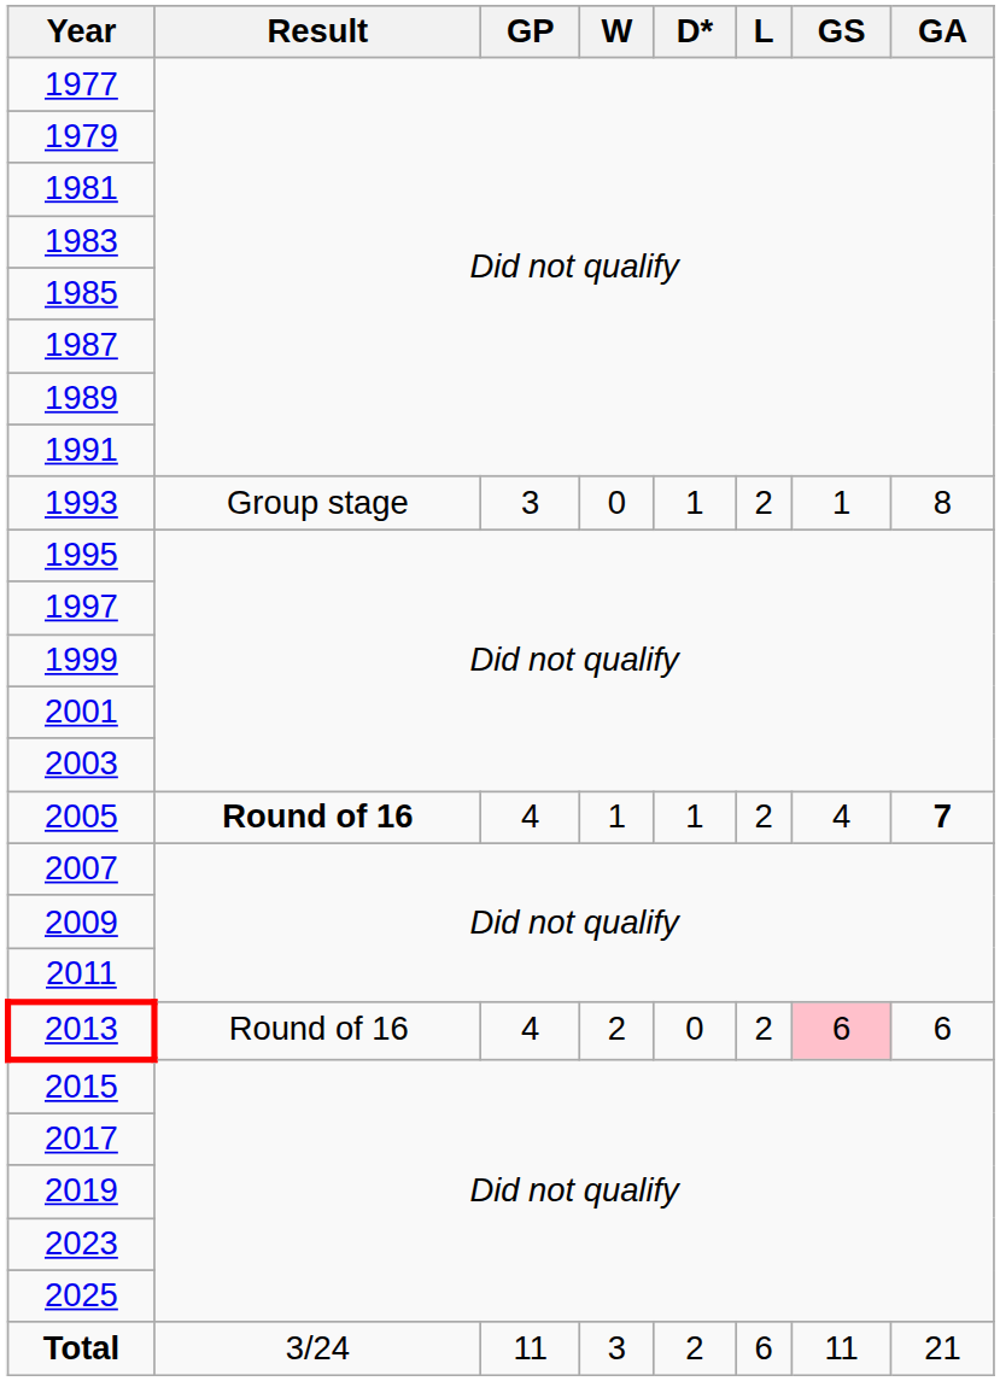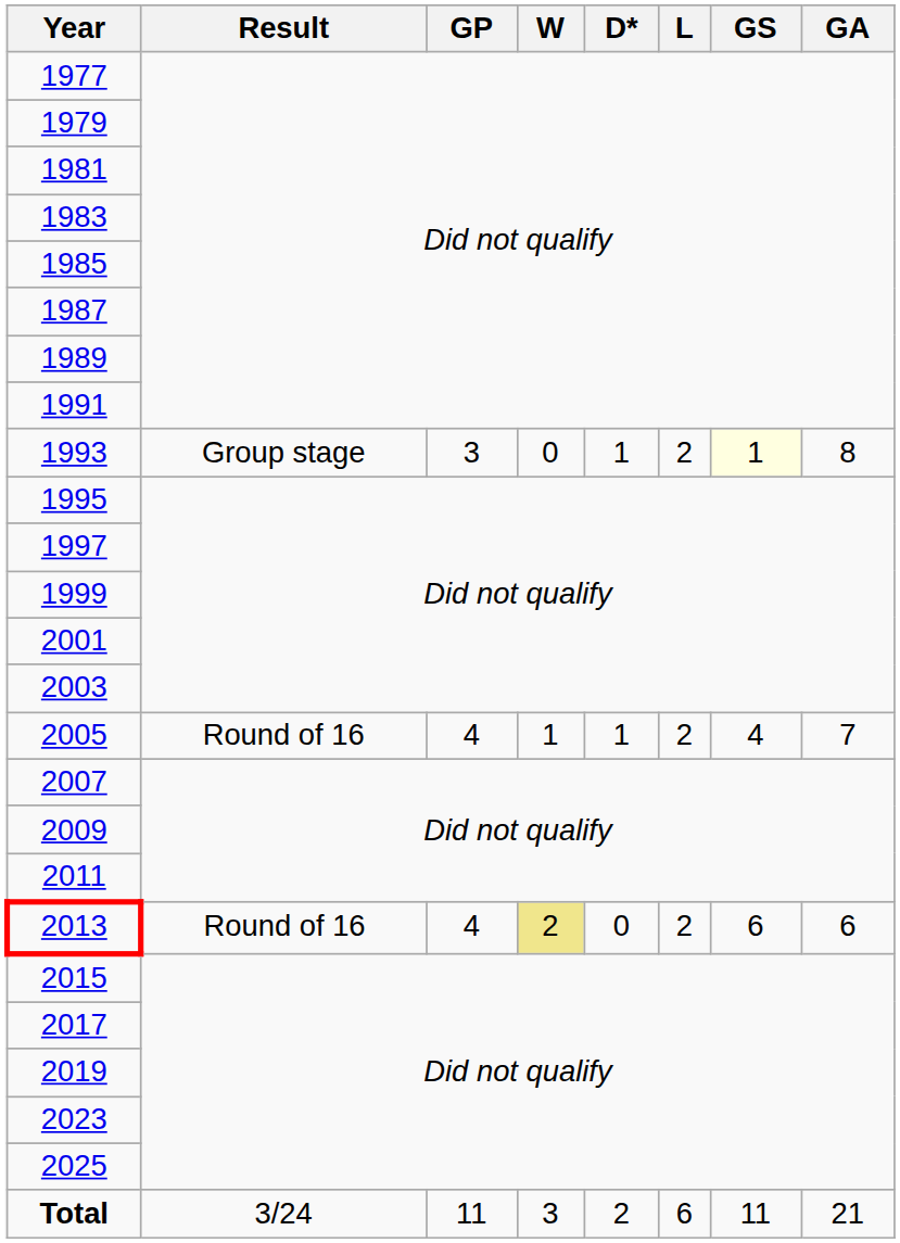 <table class="wikitable" style="text-align:center; width:30em;">
 <tr>
 <th>Year</th>
 <th>Result</th>
 <th>GP</th>
 <th>W</th>
 <th>D*</th>
 <th>L</th>
 <th>GS</th>
 <th>GA</th>
 </tr>
 <tr>
 <td> <a href='#'>1977</a></td>
 <td rowspan=8 colspan=8><em>Did not qualify</em></td>
 </tr>
 <tr>
 <td> <a href='#'>1979</a></td>
 </tr>
 <tr>
 <td> <a href='#'>1981</a></td>
 </tr>
 <tr>
 <td> <a href='#'>1983</a></td>
 </tr>
 <tr>
 <td> <a href='#'>1985</a></td>
 </tr>
 <tr>
 <td> <a href='#'>1987</a></td>
 </tr>
 <tr>
 <td> <a href='#'>1989</a></td>
 </tr>
 <tr>
 <td> <a href='#'>1991</a></td>
 </tr>
 <tr>
 <td> <a href='#'>1993</a></td>
 <td>Group stage</td>
 <td>3</td>
 <td>0</td>
 <td>1</td>
 <td>2</td>
-<td>1</td>
+<td style="background: lightyellow;">1</td>
 <td>8</td>
 </tr>
 <tr>
 <td> <a href='#'>1995</a></td>
 <td rowspan=5 colspan=8><em>Did not qualify</em></td>
 </tr>
 <tr>
 <td> <a href='#'>1997</a></td>
 </tr>
 <tr>
 <td> <a href='#'>1999</a></td>
 </tr>
 <tr>
 <td> <a href='#'>2001</a></td>
 </tr>
 <tr>
 <td> <a href='#'>2003</a></td>
 </tr>
 <tr>
 <td> <a href='#'>2005</a></td>
-<td><strong>Round of 16</strong></td>
+<td>Round of 16</td>
 <td>4</td>
 <td>1</td>
 <td>1</td>
 <td>2</td>
 <td>4</td>
-<td><strong>7</strong></td>
+<td>7</td>
 </tr>
 <tr>
 <td> <a href='#'>2007</a></td>
 <td rowspan=3 colspan=8><em>Did not qualify</em></td>
 </tr>
 <tr>
 <td> <a href='#'>2009</a></td>
 </tr>
 <tr>
 <td> <a href='#'>2011</a></td>
 </tr>
 <tr>
 <td style="border: 3px solid red"> <a href='#'>2013</a></td>
 <td>Round of 16</td>
 <td>4</td>
-<td>2</td>
+<td style="background: khaki;">2</td>
 <td>0</td>
 <td>2</td>
-<td style="background: pink;">6</td>
+<td>6</td>
 <td>6</td>
 </tr>
 <tr>
 <td> <a href='#'>2015</a></td>
 <td rowspan=5 colspan=8><em>Did not qualify</em></td>
 </tr>
 <tr>
 <td> <a href='#'>2017</a></td>
 </tr>
 <tr>
 <td> <a href='#'>2019</a></td>
 </tr>
 <tr>
 <td> <a href='#'>2023</a></td>
 </tr>
 <tr>
 <td> <a href='#'>2025</a></td>
 </tr>
 <tr>
 <td><strong>Total</strong></td>
 <td>3/24</td>
 <td>11</td>
 <td>3</td>
 <td>2</td>
 <td>6</td>
 <td>11</td>
 <td>21</td>
 </tr>
 </table>
